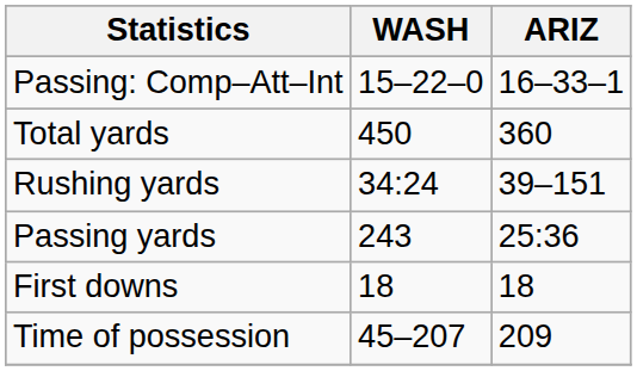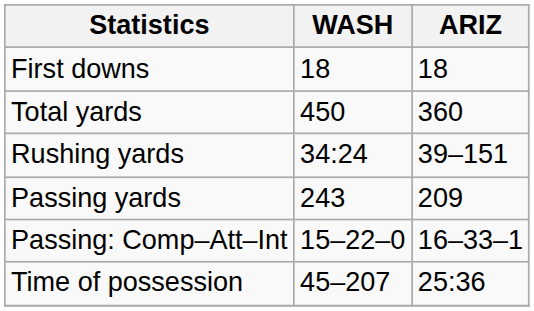 <table class="wikitable" style="float: left;">
 <tr>
 <th>Statistics</th>
 <th>WASH</th>
 <th>ARIZ</th>
 </tr>
 <tr>
-<td>Passing: Comp–Att–Int</td>
-<td>15–22–0</td>
-<td>16–33–1</td>
+<td>First downs</td>
+<td>18</td>
+<td>18</td>
 </tr>
 <tr>
 <td>Total yards</td>
 <td>450</td>
 <td>360</td>
 </tr>
 <tr>
 <td>Rushing yards</td>
 <td>34:24</td>
 <td>39–151</td>
 </tr>
 <tr>
 <td>Passing yards</td>
 <td>243</td>
-<td>25:36</td>
+<td>209</td>
 </tr>
 <tr>
-<td>First downs</td>
-<td>18</td>
-<td>18</td>
+<td>Passing: Comp–Att–Int</td>
+<td>15–22–0</td>
+<td>16–33–1</td>
 </tr>
 <tr>
 <td>Time of possession</td>
 <td>45–207</td>
-<td>209</td>
+<td>25:36</td>
 </tr>
 <tr>
 </tr>
 </table>
